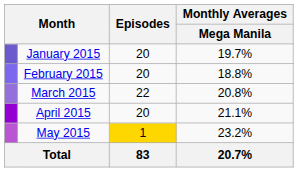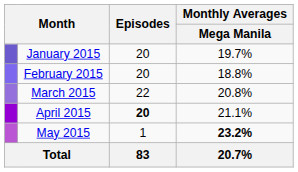 <table class="wikitable plainrowheaders" style="text-align: center; line-height:25px;">
 <tr class="wikitable" style="text-align: center;">
 <th colspan="2" rowspan="2" style="padding: 0 8px;">Month</th>
 <th rowspan="2" style="padding: 0 8px;">Episodes</th>
 <th colspan="2" style="padding: 0 8px;">Monthly Averages</th>
 </tr>
 <tr>
 <th style="padding: 0 8px;">Mega Manila</th>
 </tr>
 <tr>
 <td style="padding: 0 8px; background:#6A5ACD;"></td>
 <td style="padding: 0 8px;" '><a href='#'>January 2015</a></td>
 <td style="padding: 0 8px;">20</td>
 <td style="padding: 0 8px;">19.7%</td>
 </tr>
 <tr>
 <td style="padding: 0 8px; background:#7B68EE;"></td>
 <td style="padding: 0 8px;" '><a href='#'>February 2015</a></td>
 <td style="padding: 0 8px;">20</td>
 <td style="padding: 0 8px;">18.8%</td>
 </tr>
 <tr>
 <td style="padding: 0 8px; background:#9370DB;"></td>
 <td style="padding: 0 8px;" '><a href='#'>March 2015</a></td>
 <td style="padding: 0 8px;">22</td>
 <td style="padding: 0 8px;">20.8%</td>
 </tr>
 <tr>
 <td style="padding: 0 8px; background:#9400D3;"></td>
 <td style="padding: 0 8px;" '><a href='#'>April 2015</a></td>
-<td style="padding: 0 8px;">20</td>
+<td style="padding: 0 8px;"><strong>20</strong></td>
 <td style="padding: 0 8px;">21.1%</td>
 </tr>
 <tr>
 <td style="padding: 0 8px; background:#BA55D3;"></td>
 <td style="padding: 0 8px;" '><a href='#'>May 2015</a></td>
-<td style="background: gold; padding: 0 8px;">1</td>
-<td style="padding: 0 8px;">23.2%</td>
+<td style="padding: 0 8px;">1</td>
+<td style="padding: 0 8px;"><strong>23.2%</strong></td>
 </tr>
 <tr>
 <th colspan="2">Total</th>
 <th colspan="1">83</th>
 <th colspan="2">20.7%</th>
 </tr>
 </table>
